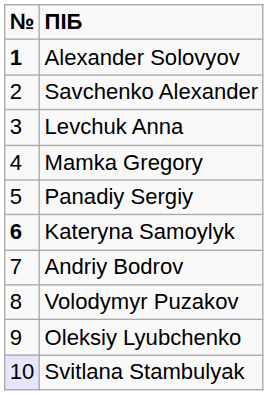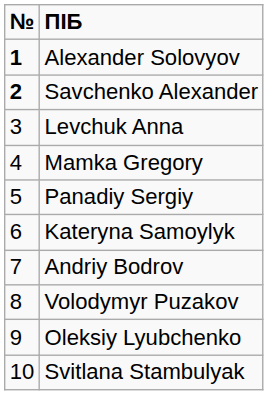 <table class="wikitable">
 <tr>
 <td><strong>№</strong></td>
 <td><strong>ПІБ</strong></td>
 </tr>
 <tr>
 <td><strong>1</strong></td>
 <td>Alexander Solovyov</td>
 </tr>
 <tr>
-<td>2</td>
+<td><strong>2</strong></td>
 <td>Savchenko Alexander</td>
 </tr>
 <tr>
 <td>3</td>
 <td>Levchuk Anna</td>
 </tr>
 <tr>
 <td>4</td>
 <td>Mamka Gregory</td>
 </tr>
 <tr>
 <td>5</td>
 <td>Panadiy Sergiy</td>
 </tr>
 <tr>
-<td><strong>6</strong></td>
+<td>6</td>
 <td>Kateryna Samoylyk</td>
 </tr>
 <tr>
 <td>7</td>
 <td>Andriy Bodrov</td>
 </tr>
 <tr>
 <td>8</td>
 <td>Volodymyr Puzakov</td>
 </tr>
 <tr>
 <td>9</td>
 <td>Oleksiy Lyubchenko</td>
 </tr>
 <tr>
-<td style="background: lavender;">10</td>
+<td>10</td>
 <td>Svitlana Stambulyak</td>
 </tr>
 </table>
